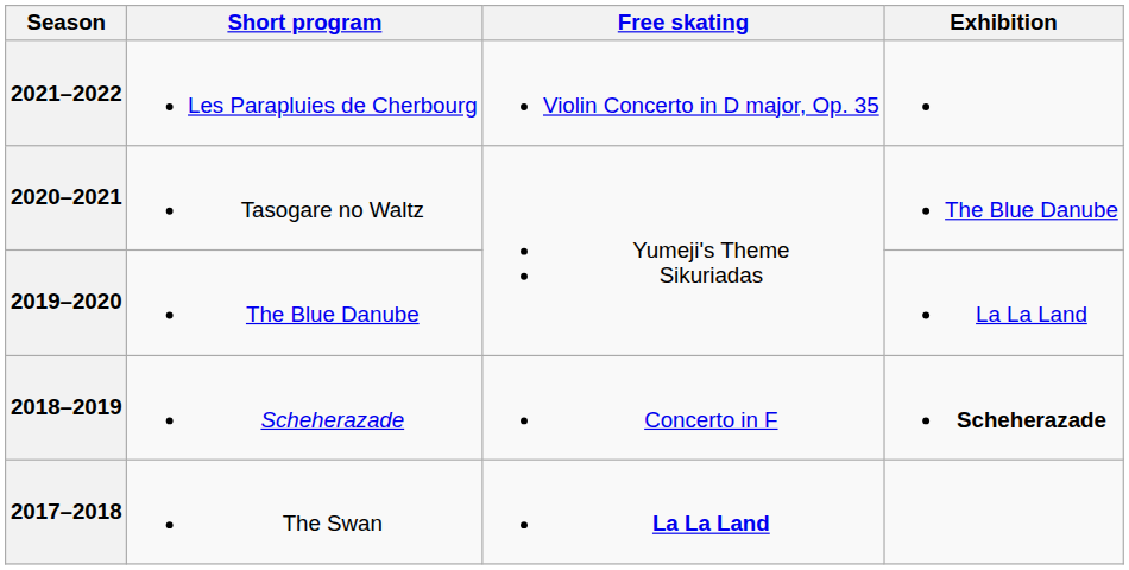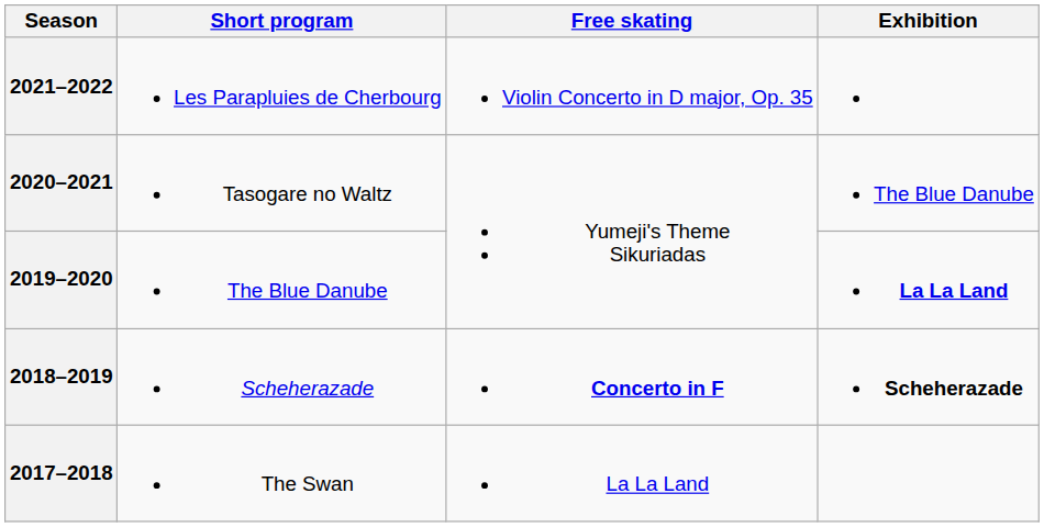 <table class=wikitable style=text-align:center>
 <tr>
 <th>Season</th>
 <th><a href='#'>Short program</a></th>
 <th><a href='#'>Free skating</a></th>
 <th>Exhibition</th>
 </tr>
 <tr>
 <th>2021–2022 <br></th>
 <td><br><ul><li><a href='#'>Les Parapluies de Cherbourg</a><br></li></ul></td>
 <td><br><ul><li><a href='#'>Violin Concerto in D major, Op. 35</a> <br></li></ul></td>
 <td><br><ul><li></li></ul></td>
 </tr>
 <tr>
 <th>2020–2021<br></th>
 <td><br><ul><li>Tasogare no Waltz<br></li></ul></td>
 <td rowspan=2><br><ul><li>Yumeji's Theme<br></li><li>Sikuriadas<br></li></ul></td>
 <td><br><ul><li><a href='#'>The Blue Danube</a><br></li></ul></td>
 </tr>
 <tr>
 <th>2019–2020 <br></th>
 <td><br><ul><li><a href='#'>The Blue Danube</a><br></li></ul></td>
-<td><br><ul><li><a href='#'>La La Land</a><br></li></ul></td>
+<td><strong><br><ul><li><a href='#'>La La Land</a><br></li></ul></strong></td>
 </tr>
 <tr>
 <th>2018–2019 <br></th>
 <td><br><ul><li><em><a href='#'>Scheherazade</a></em><br></li></ul></td>
-<td><br><ul><li><a href='#'>Concerto in F</a><br></li></ul></td>
+<td><strong><br><ul><li><a href='#'>Concerto in F</a><br></li></ul></strong></td>
 <td><strong><br><ul><li>Scheherazade<br></li></ul></strong></td>
 </tr>
 <tr>
 <th>2017–2018 <br></th>
 <td><br><ul><li>The Swan<br></li></ul></td>
-<td><strong><br><ul><li><a href='#'>La La Land</a><br></li></ul></strong></td>
+<td><br><ul><li><a href='#'>La La Land</a><br></li></ul></td>
 <td></td>
 </tr>
 </table>
